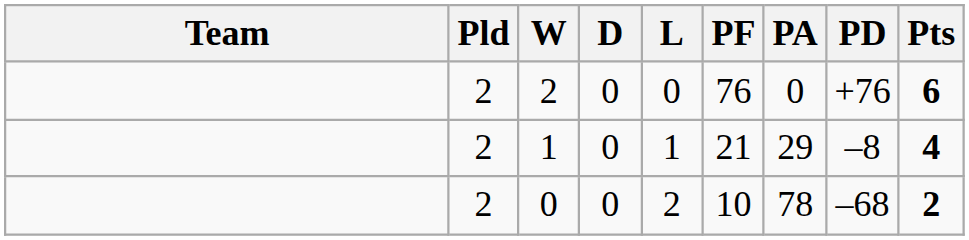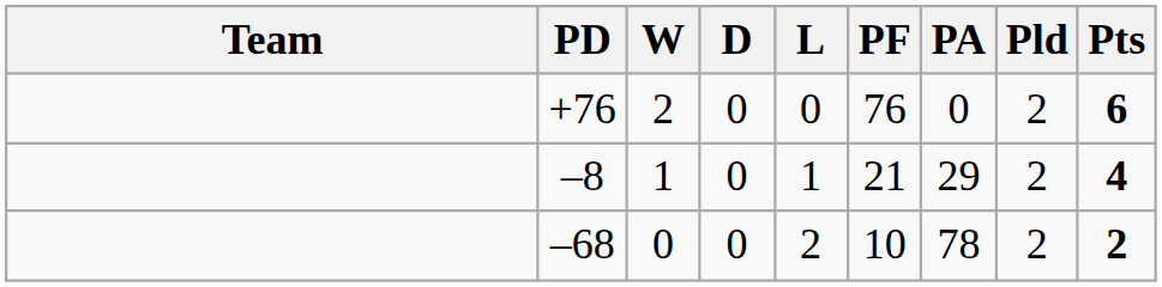 <table class="wikitable" style="text-align:center;">
 <tr>
 <th width=190>Team</th>
-<th width=20 abbr="Played">Pld</th>
+<th width=25 abbr="Points difference">PD</th>
 <th width=20 abbr="Won">W</th>
 <th width=20 abbr="Drawn">D</th>
 <th width=20 abbr="Lost">L</th>
 <th width=20 abbr="Points for">PF</th>
 <th width=20 abbr="Points against">PA</th>
-<th width=25 abbr="Points difference">PD</th>
+<th width=20 abbr="Played">Pld</th>
 <th width=20 abbr="Points">Pts</th>
 </tr>
 <tr>
 <td align=left></td>
-<td>2</td>
+<td>+76</td>
 <td>2</td>
 <td>0</td>
 <td>0</td>
 <td>76</td>
 <td>0</td>
-<td>+76</td>
+<td>2</td>
 <td><strong>6</strong></td>
 </tr>
 <tr>
 <td align=left></td>
-<td>2</td>
+<td>–8</td>
 <td>1</td>
 <td>0</td>
 <td>1</td>
 <td>21</td>
 <td>29</td>
-<td>–8</td>
+<td>2</td>
 <td><strong>4</strong></td>
 </tr>
 <tr>
 <td align=left></td>
-<td>2</td>
+<td>–68</td>
 <td>0</td>
 <td>0</td>
 <td>2</td>
 <td>10</td>
 <td>78</td>
-<td>–68</td>
+<td>2</td>
 <td><strong>2</strong></td>
 </tr>
 </table>
